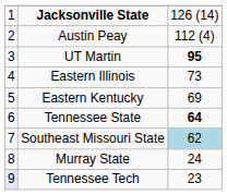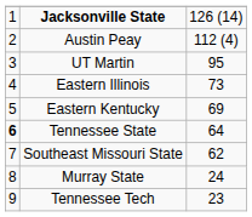 <table class="wikitable" style="display: inline-table;">
 <tr align="center">
 </tr>
 <tr align="center">
 <td>1</td>
 <td><strong>Jacksonville State</strong></td>
 <td>126 (14)</td>
 </tr>
 <tr align="center">
 <td>2</td>
 <td>Austin Peay</td>
 <td>112 (4)</td>
 </tr>
 <tr align="center">
 <td>3</td>
 <td>UT Martin</td>
-<td><strong>95</strong></td>
+<td>95</td>
 </tr>
 <tr align="center">
 <td>4</td>
 <td>Eastern Illinois</td>
 <td>73</td>
 </tr>
 <tr align="center">
 <td>5</td>
 <td>Eastern Kentucky</td>
 <td>69</td>
 </tr>
 <tr align="center">
-<td>6</td>
+<td><strong>6</strong></td>
 <td>Tennessee State</td>
-<td><strong>64</strong></td>
+<td>64</td>
 </tr>
 <tr align="center">
 <td>7</td>
 <td>Southeast Missouri State</td>
-<td style="background: lightblue;">62</td>
+<td>62</td>
 </tr>
 <tr align="center">
 <td>8</td>
 <td>Murray State</td>
 <td>24</td>
 </tr>
 <tr align="center">
-<td style="background: lavender;">9</td>
+<td>9</td>
 <td>Tennessee Tech</td>
 <td>23</td>
 </tr>
 </table>
